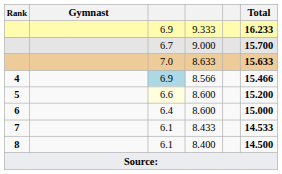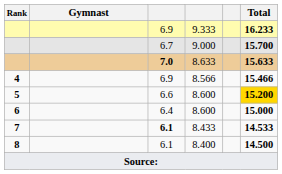 <table style="text-align:center;" class="wikitable sortable">
 <tr>
 <th scope="col" style="width:15px;"><small>Rank</small></th>
 <th scope="col" style="width:175px;">Gymnast</th>
 <th scope="col" style="width:50px;"><small></small></th>
 <th scope="col" style="width:50px;"><small></small></th>
 <th scope="col" style="width:20px;"><small></small></th>
 <th scope="col" style="width:50px;">Total</th>
 </tr>
 <tr style="background:#fffcaf;">
 <td scope="row" style="text-align:center"><strong></strong></td>
 <td style="text-align:left;"></td>
 <td>6.9</td>
 <td>9.333</td>
 <td></td>
 <td><strong>16.233</strong></td>
 </tr>
 <tr style="background:#e5e5e5;">
 <td scope="row" style="text-align:center"><strong></strong></td>
 <td style="text-align:left;"></td>
 <td>6.7</td>
 <td>9.000</td>
 <td></td>
 <td><strong>15.700</strong></td>
 </tr>
 <tr style="background:#ec9;">
 <td scope="row" style="text-align:center"><strong></strong></td>
 <td style="text-align:left;"></td>
-<td>7.0</td>
+<td><strong>7.0</strong></td>
 <td>8.633</td>
 <td></td>
 <td><strong>15.633</strong></td>
 </tr>
 <tr>
 <td scope="row" style="text-align:center"><strong>4</strong></td>
 <td style="text-align:left;"></td>
-<td style="background: lightblue;">6.9</td>
+<td>6.9</td>
 <td>8.566</td>
 <td></td>
 <td><strong>15.466</strong></td>
 </tr>
 <tr>
 <td scope="row" style="text-align:center"><strong>5</strong></td>
 <td style="text-align:left;"></td>
-<td style="background: lightyellow;">6.6</td>
+<td>6.6</td>
 <td>8.600</td>
 <td></td>
-<td><strong>15.200</strong></td>
+<td style="background: gold;"><strong>15.200</strong></td>
 </tr>
 <tr>
 <td scope="row" style="text-align:center"><strong>6</strong></td>
 <td style="text-align:left;"></td>
 <td>6.4</td>
 <td>8.600</td>
 <td></td>
 <td><strong>15.000</strong></td>
 </tr>
 <tr>
 <td scope="row" style="text-align:center"><strong>7</strong></td>
 <td style="text-align:left;"></td>
-<td>6.1</td>
+<td><strong>6.1</strong></td>
 <td>8.433</td>
 <td></td>
 <td><strong>14.533</strong></td>
 </tr>
 <tr>
 <td scope="row" style="text-align:center"><strong>8</strong></td>
 <td style="text-align:left;"></td>
 <td>6.1</td>
 <td>8.400</td>
 <td></td>
 <td><strong>14.500</strong></td>
 </tr>
 <tr>
 <th colspan="6" style="background-color:#EAECF0;text-align:center"><strong>Source:</strong></th>
 </tr>
 </table>
